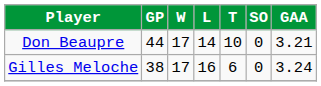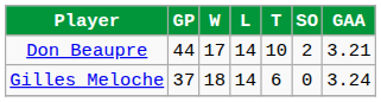 <table class="wikitable sortable">
 <tr>
 <th style="color:white; background:#009639; ">Player</th>
 <th style="color:white; background:#009639; ">GP</th>
 <th style="color:white; background:#009639; ">W</th>
 <th style="color:white; background:#009639; ">L</th>
 <th style="color:white; background:#009639; ">T</th>
 <th style="color:white; background:#009639; ">SO</th>
 <th style="color:white; background:#009639; ">GAA</th>
 </tr>
 <tr align="center">
 <td><a href='#'>Don Beaupre</a></td>
 <td>44</td>
 <td>17</td>
 <td>14</td>
 <td>10</td>
-<td>0</td>
+<td>2</td>
 <td>3.21</td>
 </tr>
 <tr align="center">
 <td><a href='#'>Gilles Meloche</a></td>
-<td>38</td>
-<td>17</td>
-<td>16</td>
+<td>37</td>
+<td>18</td>
+<td>14</td>
 <td>6</td>
 <td>0</td>
 <td>3.24</td>
 </tr>
 <tr align="center">
 </tr>
 <tr>
 </tr>
 </table>
